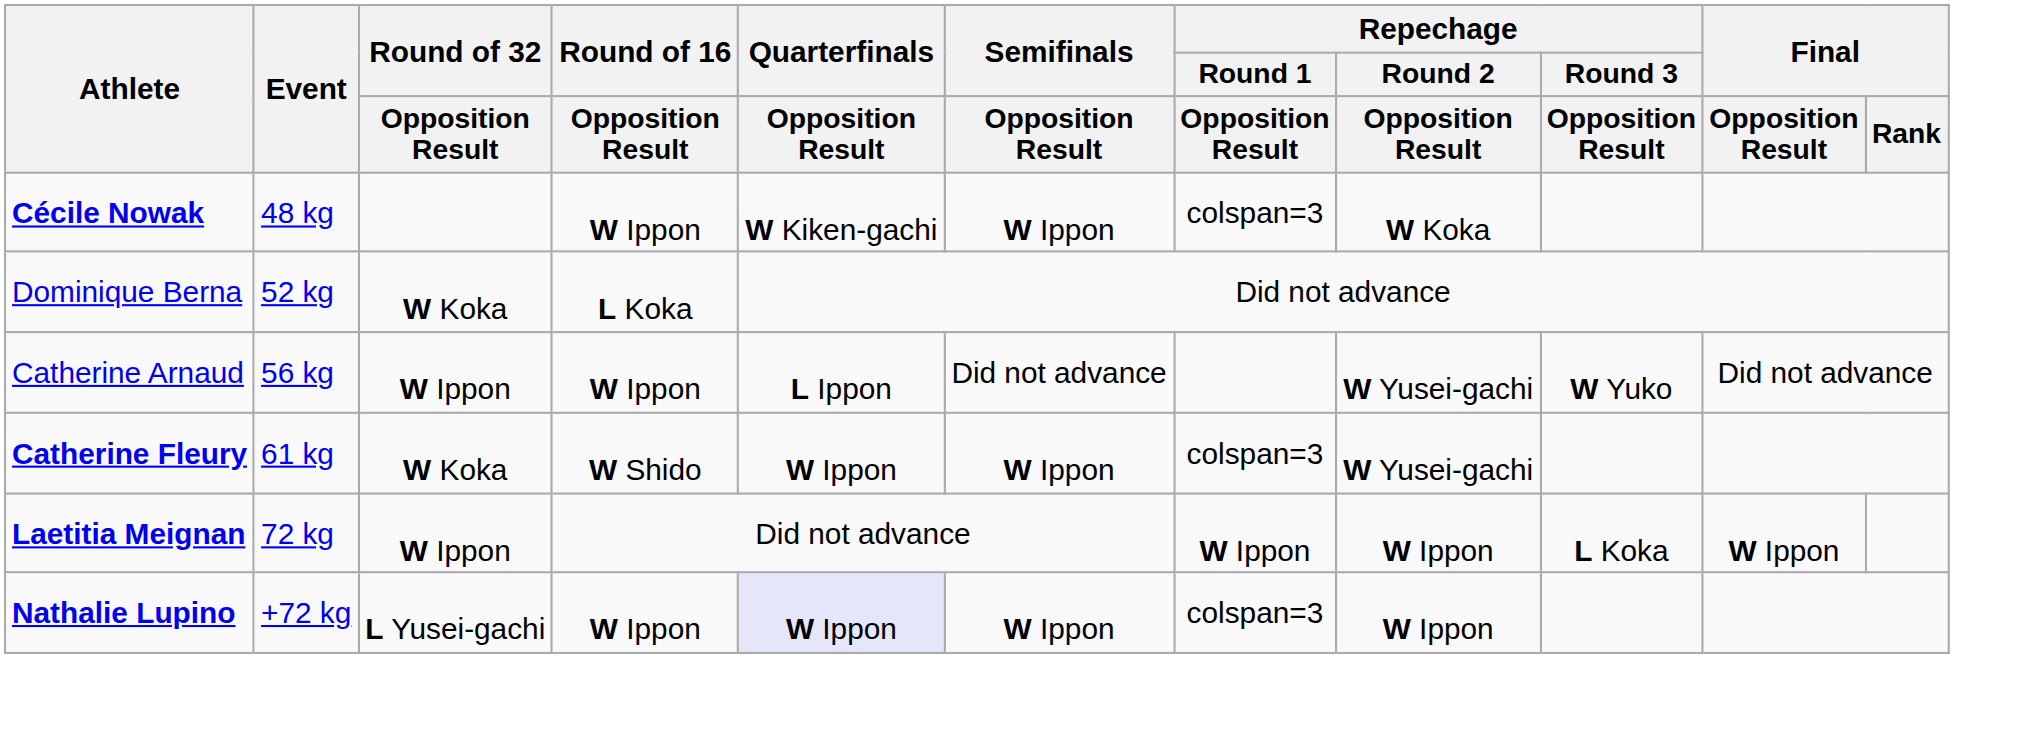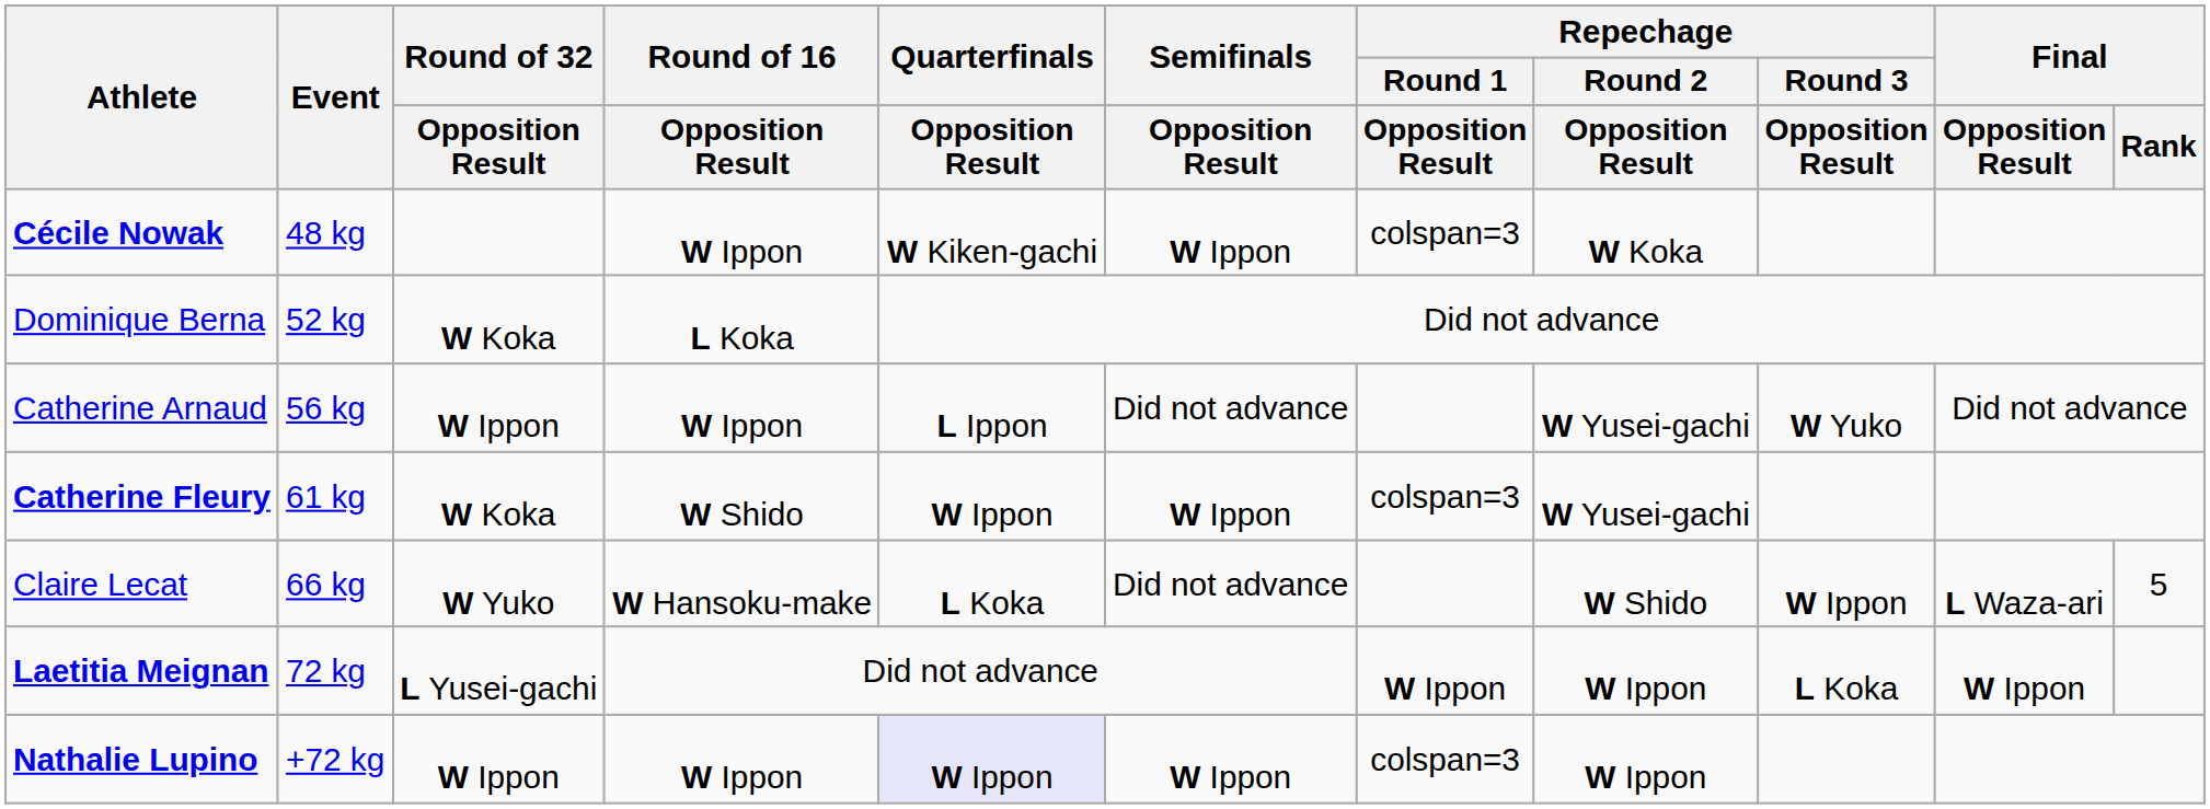 <table class="wikitable" style="font-size:90%">
 <tr>
 <th rowspan="3">Athlete</th>
 <th rowspan="3">Event</th>
 <th rowspan="2">Round of 32</th>
 <th rowspan="2">Round of 16</th>
 <th rowspan="2">Quarterfinals</th>
 <th rowspan="2">Semifinals</th>
 <th colspan=3>Repechage</th>
 <th rowspan="2" colspan=2>Final</th>
 </tr>
 <tr style="font-size:95%">
 <th>Round 1</th>
 <th>Round 2</th>
 <th>Round 3</th>
 </tr>
 <tr style="font-size:95%">
 <th>Opposition<br>Result</th>
 <th>Opposition<br>Result</th>
 <th>Opposition<br>Result</th>
 <th>Opposition<br>Result</th>
 <th>Opposition<br>Result</th>
 <th>Opposition<br>Result</th>
 <th>Opposition<br>Result</th>
 <th>Opposition<br>Result</th>
 <th>Rank</th>
 </tr>
 <tr align=center>
 <td align=left><strong><a href='#'>Cécile Nowak</a></strong></td>
 <td align=left><a href='#'>48 kg</a></td>
 <td></td>
 <td><br><strong>W</strong> Ippon</td>
 <td><br><strong>W</strong> Kiken-gachi</td>
 <td><br><strong>W</strong> Ippon</td>
 <td>colspan=3</td>
 <td><br><strong>W</strong> Koka</td>
 <td></td>
 </tr>
 <tr align=center>
 <td align=left><a href='#'>Dominique Berna</a></td>
 <td align=left><a href='#'>52 kg</a></td>
 <td><br><strong>W</strong> Koka</td>
 <td><br><strong>L</strong> Koka</td>
 <td colspan=7>Did not advance</td>
 </tr>
 <tr align=center>
 <td align=left><a href='#'>Catherine Arnaud</a></td>
 <td align=left><a href='#'>56 kg</a></td>
 <td><br><strong>W</strong> Ippon</td>
 <td><br><strong>W</strong> Ippon</td>
 <td><br><strong>L</strong> Ippon</td>
 <td>Did not advance</td>
 <td></td>
 <td><br><strong>W</strong> Yusei-gachi</td>
 <td><br><strong>W</strong> Yuko</td>
 <td colspan=2>Did not advance</td>
 </tr>
 <tr align=center>
 <td align=left><strong><a href='#'>Catherine Fleury</a></strong></td>
 <td align=left><a href='#'>61 kg</a></td>
 <td><br><strong>W</strong> Koka</td>
 <td><br><strong>W</strong> Shido</td>
 <td><br><strong>W</strong> Ippon</td>
 <td><br><strong>W</strong> Ippon</td>
 <td>colspan=3</td>
 <td><br><strong>W</strong> Yusei-gachi</td>
 <td></td>
 </tr>
 <tr align=center>
+<td align=left><a href='#'>Claire Lecat</a></td>
+<td align=left><a href='#'>66 kg</a></td>
+<td><br><strong>W</strong> Yuko</td>
+<td><br><strong>W</strong> Hansoku-make</td>
+<td><br><strong>L</strong> Koka</td>
+<td>Did not advance</td>
+<td></td>
+<td><br><strong>W</strong> Shido</td>
+<td><br><strong>W</strong> Ippon</td>
+<td><br><strong>L</strong> Waza-ari</td>
+<td>5</td>
+</tr>
+<tr align=center>
 <td align=left><strong><a href='#'>Laetitia Meignan</a></strong></td>
 <td align=left><a href='#'>72 kg</a></td>
-<td><br><strong>W</strong> Ippon</td>
+<td><br><strong>L</strong> Yusei-gachi</td>
 <td colspan=3>Did not advance</td>
 <td><br><strong>W</strong> Ippon</td>
 <td><br><strong>W</strong> Ippon</td>
 <td><br><strong>L</strong> Koka</td>
 <td><br><strong>W</strong> Ippon</td>
 <td></td>
 </tr>
 <tr align=center>
 <td align=left><strong><a href='#'>Nathalie Lupino</a></strong></td>
 <td align=left><a href='#'>+72 kg</a></td>
-<td><br><strong>L</strong> Yusei-gachi</td>
+<td><br><strong>W</strong> Ippon</td>
 <td><br><strong>W</strong> Ippon</td>
 <td style="background: lavender;"><br><strong>W</strong> Ippon</td>
 <td><br><strong>W</strong> Ippon</td>
 <td>colspan=3</td>
 <td><br><strong>W</strong> Ippon</td>
 <td></td>
 </tr>
 </table>
